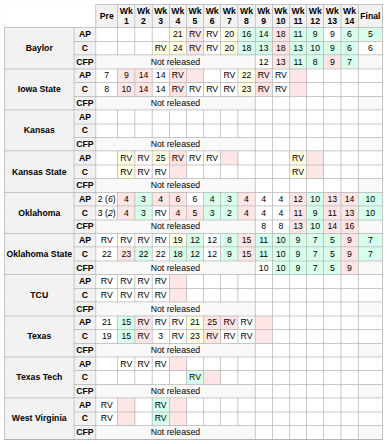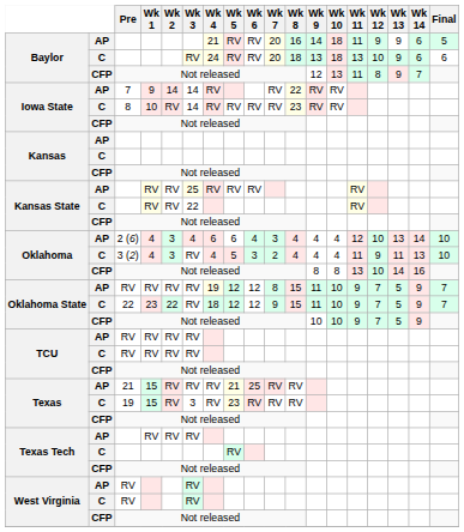 <table class="wikitable" style="white-space:nowrap;font-size:85%;">
 <tr>
 <th colspan=2 style="background:white; border-top-style:hidden; border-left-style:hidden;"> </th>
 <th>Pre</th>
 <th>Wk<br>1</th>
 <th>Wk<br>2</th>
 <th>Wk<br>3</th>
 <th>Wk<br>4</th>
 <th>Wk<br>5</th>
 <th>Wk<br>6</th>
 <th>Wk<br>7</th>
 <th>Wk<br>8</th>
 <th>Wk<br>9</th>
 <th>Wk<br>10</th>
 <th>Wk<br>11</th>
 <th>Wk<br>12</th>
 <th>Wk<br>13</th>
 <th>Wk<br>14</th>
 <th>Final</th>
 </tr>
 <tr style="text-align:center;">
 <th rowspan="3">Baylor</th>
 <th>AP</th>
 <td style="background:#FFF;"></td>
 <td style="background:#FFF;"></td>
 <td style="background:#FFF;"></td>
 <td style="background:#FFF;"></td>
 <td style="background:#ffffe6;">21</td>
 <td style="background:#ffe6e6;">RV</td>
 <td style="background:#FFF;">RV</td>
 <td style="background:#ffffe6;">20</td>
 <td style="background:#d8ffeb;">16</td>
 <td style="background:#d8ffeb;">14</td>
 <td style="background:#ffe6e6;">18</td>
 <td style="background:#d8ffeb;">11</td>
 <td style="background:#d8ffeb;">9</td>
 <td style="background:#FFF;">9</td>
 <td style="background:#d8ffeb;">6</td>
 <td style="background:#d8ffeb;">5</td>
 </tr>
 <tr style="text-align:center;">
 <th>C</th>
 <td style="background:#FFF;"></td>
 <td style="background:#FFF;"></td>
 <td style="background:#FFF;"></td>
 <td style="background:#ffffe6;">RV</td>
 <td style="background:#ffffe6;">24</td>
 <td style="background:#ffe6e6;">RV</td>
 <td style="background:#FFF;">RV</td>
 <td style="background:#ffffe6;">20</td>
 <td style="background:#d8ffeb;">18</td>
 <td style="background:#d8ffeb;">13</td>
 <td style="background:#ffe6e6;">18</td>
 <td style="background:#d8ffeb;">13</td>
 <td style="background:#d8ffeb;">10</td>
 <td style="background:#d8ffeb;">9</td>
 <td style="background:#d8ffeb;">6</td>
 <td style="background:#FFF;">6</td>
 </tr>
 <tr style="text-align:center;">
 <th>CFP</th>
 <td colspan="9" style="text-align:center;">Not released</td>
 <td style="background:#FFF;">12</td>
 <td style="background:#ffe6e6;">13</td>
 <td style="background:#d8ffeb;">11</td>
 <td style="background:#d8ffeb;">8</td>
 <td style="background:#ffe6e6;">9</td>
 <td style="background:#d8ffeb;">7</td>
 <td style="text-align:center;"></td>
 </tr>
 <tr style="text-align:center;">
 <th rowspan="3">Iowa State</th>
 <th>AP</th>
 <td style="background:#FFF;">7</td>
 <td style="background:#ffe6e6;">9</td>
 <td style="background:#ffe6e6;">14</td>
 <td style="background:#FFF;">14</td>
 <td style="background:#ffe6e6;">RV</td>
 <td style="background:#ffe6e6;"></td>
 <td style="background:#FFF;"></td>
 <td style="background:#FFF;">RV</td>
 <td style="background:#ffffe6;">22</td>
 <td style="background:#ffe6e6;">RV</td>
 <td style="background:#FFF;">RV</td>
 <td style="background:#ffe6e6;"></td>
 <td style="background:#FFF;"></td>
 <td style="background:#FFF;"></td>
 <td style="background:#FFF;"></td>
 <td style="background:#FFF;"></td>
 </tr>
 <tr style="text-align:center;">
 <th>C</th>
 <td style="background:#FFF;">8</td>
 <td style="background:#ffe6e6;">10</td>
-<td style="background:#ffe6e6;">14</td>
+<td style="background:#ffe6e6;">RV</td>
 <td style="background:#FFF;">14</td>
 <td style="background:#ffe6e6;">RV</td>
 <td style="background:#FFF;">RV</td>
 <td style="background:#FFF;">RV</td>
 <td style="background:#FFF;">RV</td>
 <td style="background:#ffffe6;">23</td>
 <td style="background:#ffe6e6;">RV</td>
 <td style="background:#FFF;">RV</td>
 <td style="background:#ffe6e6;"></td>
 <td style="background:#FFF;"></td>
 <td style="background:#FFF;"></td>
 <td style="background:#FFF;"></td>
 <td style="background:#FFF;"></td>
 </tr>
 <tr style="text-align:center;">
 <th>CFP</th>
 <td colspan="9" style="text-align:center;">Not released</td>
 <td style="background:#FFF;"></td>
 <td style="background:#FFF;"></td>
 <td style="background:#FFF;"></td>
 <td style="background:#FFF;"></td>
 <td style="background:#FFF;"></td>
 <td style="background:#FFF;"></td>
 <td style="text-align:center;"></td>
 </tr>
 <tr style="text-align:center;">
 <th rowspan="3">Kansas</th>
 <th>AP</th>
 <td style="background:#FFF;"></td>
 <td style="background:#FFF;"></td>
 <td style="background:#FFF;"></td>
 <td style="background:#FFF;"></td>
 <td style="background:#FFF;"></td>
 <td style="background:#FFF;"></td>
 <td style="background:#FFF;"></td>
 <td style="background:#FFF;"></td>
 <td style="background:#FFF;"></td>
 <td style="background:#FFF;"></td>
 <td style="background:#FFF;"></td>
 <td style="background:#FFF;"></td>
 <td style="background:#FFF;"></td>
 <td style="background:#FFF;"></td>
 <td style="background:#FFF;"></td>
 <td style="background:#FFF;"></td>
 </tr>
 <tr style="text-align:center;">
 <th>C</th>
 <td style="background:#FFF;"></td>
 <td style="background:#FFF;"></td>
 <td style="background:#FFF;"></td>
 <td style="background:#FFF;"></td>
 <td style="background:#FFF;"></td>
 <td style="background:#FFF;"></td>
 <td style="background:#FFF;"></td>
 <td style="background:#FFF;"></td>
 <td style="background:#FFF;"></td>
 <td style="background:#FFF;"></td>
 <td style="background:#FFF;"></td>
 <td style="background:#FFF;"></td>
 <td style="background:#FFF;"></td>
 <td style="background:#FFF;"></td>
 <td style="background:#FFF;"></td>
 <td style="background:#FFF;"></td>
 </tr>
 <tr style="text-align:center;">
 <th>CFP</th>
 <td colspan="9" style="text-align:center;">Not released</td>
 <td style="background:#FFF;"></td>
 <td style="background:#FFF;"></td>
 <td style="background:#FFF;"></td>
 <td style="background:#FFF;"></td>
 <td style="background:#FFF;"></td>
 <td style="background:#FFF;"></td>
 <td style="text-align:center;"></td>
 </tr>
 <tr style="text-align:center;">
 <th rowspan="3">Kansas State</th>
 <th>AP</th>
 <td style="background:#FFF;"></td>
 <td style="background:#ffffe6;">RV</td>
 <td style="background:#FFF;">RV</td>
 <td style="background:#ffffe6;">25</td>
 <td style="background:#ffe6e6;">RV</td>
 <td style="background:#FFF;">RV</td>
 <td style="background:#FFF;">RV</td>
 <td style="background:#ffe6e6;"></td>
 <td style="background:#FFF;"></td>
 <td style="background:#FFF;"></td>
 <td style="background:#FFF;"></td>
 <td style="background:#ffffe6;">RV</td>
 <td style="background:#ffe6e6;"></td>
 <td style="background:#FFF;"></td>
 <td style="background:#FFF;"></td>
 <td style="background:#FFF;"></td>
 </tr>
 <tr style="text-align:center;">
 <th>C</th>
 <td style="background:#FFF;"></td>
 <td style="background:#ffffe6;">RV</td>
 <td style="background:#FFF;">RV</td>
-<td style="background:#FFF;">RV</td>
+<td style="background:#FFF;">22</td>
 <td style="background:#ffe6e6;"></td>
 <td style="background:#FFF;"></td>
 <td style="background:#FFF;"></td>
 <td style="background:#FFF;"></td>
 <td style="background:#FFF;"></td>
 <td style="background:#FFF;"></td>
 <td style="background:#FFF;"></td>
 <td style="background:#ffffe6;">RV</td>
 <td style="background:#ffe6e6;"></td>
 <td style="background:#FFF;"></td>
 <td style="background:#FFF;"></td>
 <td style="background:#FFF;"></td>
 </tr>
 <tr style="text-align:center;">
 <th>CFP</th>
 <td colspan="9" style="text-align:center;">Not released</td>
 <td style="background:#FFF;"></td>
 <td style="background:#FFF;"></td>
 <td style="background:#FFF;"></td>
 <td style="background:#FFF;"></td>
 <td style="background:#FFF;"></td>
 <td style="background:#FFF;"></td>
 <td style="text-align:center;"></td>
 </tr>
 <tr style="text-align:center;">
 <th rowspan="3">Oklahoma</th>
 <th>AP</th>
 <td style="background:#FFF;">2 (<em>6</em>)</td>
 <td style="background:#ffe6e6;">4</td>
 <td style="background:#d8ffeb;">3</td>
 <td style="background:#ffe6e6;">4</td>
 <td style="background:#ffe6e6;">6</td>
 <td style="background:#FFF;">6</td>
 <td style="background:#d8ffeb;">4</td>
 <td style="background:#d8ffeb;">3</td>
 <td style="background:#ffe6e6;">4</td>
 <td style="background:#FFF;">4</td>
 <td style="background:#FFF;">4</td>
 <td style="background:#ffe6e6;">12</td>
 <td style="background:#d8ffeb;">10</td>
 <td style="background:#ffe6e6;">13</td>
 <td style="background:#ffe6e6;">14</td>
 <td style="background:#d8ffeb;">10</td>
 </tr>
 <tr style="text-align:center;">
 <th>C</th>
 <td style="background:#FFF;">3 (<em>2</em>)</td>
 <td style="background:#ffe6e6;">4</td>
 <td style="background:#d8ffeb;">3</td>
 <td style="background:#FFF;">RV</td>
 <td style="background:#ffe6e6;">4</td>
 <td style="background:#ffe6e6;">5</td>
 <td style="background:#d8ffeb;">3</td>
 <td style="background:#d8ffeb;">2</td>
 <td style="background:#ffe6e6;">4</td>
 <td style="background:#FFF;">4</td>
 <td style="background:#FFF;">4</td>
 <td style="background:#ffe6e6;">11</td>
 <td style="background:#d8ffeb;">9</td>
 <td style="background:#ffe6e6;">11</td>
 <td style="background:#ffe6e6;">13</td>
 <td style="background:#d8ffeb;">10</td>
 </tr>
 <tr style="text-align:center;">
 <th>CFP</th>
 <td colspan="9" style="text-align:center;">Not released</td>
 <td style="background:#FFF;">8</td>
 <td style="background:#FFF;">8</td>
 <td style="background:#ffe6e6;">13</td>
 <td style="background:#d8ffeb;">10</td>
 <td style="background:#ffe6e6;">14</td>
 <td style="background:#ffe6e6;">16</td>
 <td style="text-align:center;"></td>
 </tr>
 <tr style="text-align:center;">
 <th rowspan="3">Oklahoma State</th>
 <th>AP</th>
 <td style="background:#FFF;">RV</td>
 <td style="background:#FFF;">RV</td>
 <td style="background:#FFF;">RV</td>
 <td style="background:#FFF;">RV</td>
 <td style="background:#ffffe6;">19</td>
 <td style="background:#d8ffeb;">12</td>
 <td style="background:#FFF;">12</td>
 <td style="background:#d8ffeb;">8</td>
 <td style="background:#ffe6e6;">15</td>
 <td style="background:#d8ffeb;">11</td>
 <td style="background:#d8ffeb;">10</td>
 <td style="background:#d8ffeb;">9</td>
 <td style="background:#d8ffeb;">7</td>
 <td style="background:#d8ffeb;">5</td>
 <td style="background:#ffe6e6;">9</td>
 <td style="background:#d8ffeb;">7</td>
 </tr>
 <tr style="text-align:center;">
 <th>C</th>
 <td style="background:#FFF;">22</td>
 <td style="background:#ffe6e6;">23</td>
 <td style="background:#d8ffeb;">22</td>
-<td style="background:#FFF;">22</td>
+<td style="background:#FFF;">RV</td>
 <td style="background:#d8ffeb;">18</td>
 <td style="background:#d8ffeb;">12</td>
 <td style="background:#FFF;">12</td>
 <td style="background:#d8ffeb;">9</td>
 <td style="background:#ffe6e6;">15</td>
 <td style="background:#d8ffeb;">11</td>
 <td style="background:#d8ffeb;">10</td>
 <td style="background:#d8ffeb;">9</td>
 <td style="background:#d8ffeb;">7</td>
 <td style="background:#d8ffeb;">5</td>
 <td style="background:#ffe6e6;">9</td>
 <td style="background:#d8ffeb;">7</td>
 </tr>
 <tr style="text-align:center;">
 <th>CFP</th>
 <td colspan="9" style="text-align:center;">Not released</td>
 <td style="background:#FFF;">10</td>
 <td style="background:#d8ffeb;">10</td>
 <td style="background:#d8ffeb;">9</td>
 <td style="background:#d8ffeb;">7</td>
 <td style="background:#d8ffeb;">5</td>
 <td style="background:#ffe6e6;">9</td>
 <td style="text-align:center;"></td>
 </tr>
 <tr style="text-align:center;">
 <th rowspan="3">TCU</th>
 <th>AP</th>
 <td style="background:#FFF;">RV</td>
 <td style="background:#FFF;">RV</td>
 <td style="background:#FFF;">RV</td>
 <td style="background:#FFF;">RV</td>
 <td style="background:#ffe6e6;"></td>
 <td style="background:#FFF;"></td>
 <td style="background:#FFF;"></td>
 <td style="background:#FFF;"></td>
 <td style="background:#FFF;"></td>
 <td style="background:#FFF;"></td>
 <td style="background:#FFF;"></td>
 <td style="background:#FFF;"></td>
 <td style="background:#FFF;"></td>
 <td style="background:#FFF;"></td>
 <td style="background:#FFF;"></td>
 <td style="background:#FFF;"></td>
 </tr>
 <tr style="text-align:center;">
 <th>C</th>
 <td style="background:#FFF;">RV</td>
 <td style="background:#FFF;">RV</td>
 <td style="background:#FFF;">RV</td>
 <td style="background:#FFF;">RV</td>
 <td style="background:#ffe6e6;"></td>
 <td style="background:#FFF;"></td>
 <td style="background:#FFF;"></td>
 <td style="background:#FFF;"></td>
 <td style="background:#FFF;"></td>
 <td style="background:#FFF;"></td>
 <td style="background:#FFF;"></td>
 <td style="background:#FFF;"></td>
 <td style="background:#FFF;"></td>
 <td style="background:#FFF;"></td>
 <td style="background:#FFF;"></td>
 <td style="background:#FFF;"></td>
 </tr>
 <tr style="text-align:center;">
 <th>CFP</th>
 <td colspan="9" style="text-align:center;">Not released</td>
 <td style="background:#FFF;"></td>
 <td style="background:#FFF;"></td>
 <td style="background:#FFF;"></td>
 <td style="background:#FFF;"></td>
 <td style="background:#FFF;"></td>
 <td style="background:#FFF;"></td>
 <td style="text-align:center;"></td>
 </tr>
 <tr style="text-align:center;">
 <th rowspan="3">Texas</th>
 <th>AP</th>
 <td style="background:#FFF;">21</td>
 <td style="background:#d8ffeb;">15</td>
 <td style="background:#ffe6e6;">RV</td>
 <td style="background:#FFF;">RV</td>
 <td style="background:#FFF;">RV</td>
 <td style="background:#ffffe6;">21</td>
 <td style="background:#ffe6e6;">25</td>
 <td style="background:#ffe6e6;">RV</td>
 <td style="background:#FFF;">RV</td>
 <td style="background:#ffe6e6;"></td>
 <td style="background:#FFF;"></td>
 <td style="background:#FFF;"></td>
 <td style="background:#FFF;"></td>
 <td style="background:#FFF;"></td>
 <td style="background:#FFF;"></td>
 <td style="background:#FFF;"></td>
 </tr>
 <tr style="text-align:center;">
 <th>C</th>
 <td style="background:#FFF;">19</td>
 <td style="background:#d8ffeb;">15</td>
 <td style="background:#ffe6e6;">RV</td>
 <td style="background:#FFF;">3</td>
 <td style="background:#FFF;">RV</td>
 <td style="background:#ffffe6;">23</td>
 <td style="background:#ffe6e6;">RV</td>
 <td style="background:#FFF;">RV</td>
 <td style="background:#FFF;">RV</td>
 <td style="background:#ffe6e6;"></td>
 <td style="background:#FFF;"></td>
 <td style="background:#FFF;"></td>
 <td style="background:#FFF;"></td>
 <td style="background:#FFF;"></td>
 <td style="background:#FFF;"></td>
 <td style="background:#FFF;"></td>
 </tr>
 <tr style="text-align:center;">
 <th>CFP</th>
 <td colspan="9" style="text-align:center;">Not released</td>
 <td style="background:#FFF;"></td>
 <td style="background:#FFF;"></td>
 <td style="background:#FFF;"></td>
 <td style="background:#FFF;"></td>
 <td style="background:#FFF;"></td>
 <td style="background:#FFF;"></td>
 <td style="text-align:center;"></td>
 </tr>
 <tr style="text-align:center;">
 <th rowspan="3">Texas Tech</th>
 <th>AP</th>
 <td style="background:#FFF;"></td>
 <td style="background:#FFF;">RV</td>
 <td style="background:#FFF;">RV</td>
 <td style="background:#FFF;">RV</td>
 <td style="background:#ffe6e6;"></td>
 <td style="background:#FFF;"></td>
 <td style="background:#FFF;"></td>
 <td style="background:#FFF;"></td>
 <td style="background:#FFF;"></td>
 <td style="background:#FFF;"></td>
 <td style="background:#FFF;"></td>
 <td style="background:#FFF;"></td>
 <td style="background:#FFF;"></td>
 <td style="background:#FFF;"></td>
 <td style="background:#FFF;"></td>
 <td style="background:#FFF;"></td>
 </tr>
 <tr style="text-align:center;">
 <th>C</th>
 <td style="background:#FFF;"></td>
 <td style="background:#FFF;"></td>
 <td style="background:#FFF;"></td>
 <td style="background:#FFF;"></td>
 <td style="background:#FFF;"></td>
 <td style="background:#d8ffeb;">RV</td>
 <td style="background:#ffe6e6;"></td>
 <td style="background:#FFF;"></td>
 <td style="background:#FFF;"></td>
 <td style="background:#FFF;"></td>
 <td style="background:#FFF;"></td>
 <td style="background:#FFF;"></td>
 <td style="background:#FFF;"></td>
 <td style="background:#FFF;"></td>
 <td style="background:#FFF;"></td>
 <td style="background:#FFF;"></td>
 </tr>
 <tr style="text-align:center;">
 <th>CFP</th>
 <td colspan="9" style="text-align:center;">Not released</td>
 <td style="background:#FFF;"></td>
 <td style="background:#FFF;"></td>
 <td style="background:#FFF;"></td>
 <td style="background:#FFF;"></td>
 <td style="background:#FFF;"></td>
 <td style="background:#FFF;"></td>
 <td style="text-align:center;"></td>
 </tr>
 <tr style="text-align:center;">
 <th rowspan="3">West Virginia</th>
 <th>AP</th>
 <td style="background:#FFF;">RV</td>
 <td style="background:#ffe6e6;"></td>
 <td style="background:#FFF;"></td>
 <td style="background:#d8ffeb;">RV</td>
 <td style="background:#ffe6e6;"></td>
 <td style="background:#FFF;"></td>
 <td style="background:#FFF;"></td>
 <td style="background:#FFF;"></td>
 <td style="background:#FFF;"></td>
 <td style="background:#FFF;"></td>
 <td style="background:#FFF;"></td>
 <td style="background:#FFF;"></td>
 <td style="background:#FFF;"></td>
 <td style="background:#FFF;"></td>
 <td style="background:#FFF;"></td>
 <td style="background:#FFF;"></td>
 </tr>
 <tr style="text-align:center;">
 <th>C</th>
 <td style="background:#FFF;">RV</td>
 <td style="background:#ffe6e6;"></td>
 <td style="background:#FFF;"></td>
 <td style="background:#d8ffeb;">RV</td>
 <td style="background:#ffe6e6;"></td>
 <td style="background:#FFF;"></td>
 <td style="background:#FFF;"></td>
 <td style="background:#FFF;"></td>
 <td style="background:#FFF;"></td>
 <td style="background:#FFF;"></td>
 <td style="background:#FFF;"></td>
 <td style="background:#FFF;"></td>
 <td style="background:#FFF;"></td>
 <td style="background:#FFF;"></td>
 <td style="background:#FFF;"></td>
 <td style="background:#FFF;"></td>
 </tr>
 <tr style="text-align:center;">
 <th>CFP</th>
 <td colspan="9" style="text-align:center;">Not released</td>
 <td style="background:#FFF;"></td>
 <td style="background:#FFF;"></td>
 <td style="background:#FFF;"></td>
 <td style="background:#FFF;"></td>
 <td style="background:#FFF;"></td>
 <td style="background:#FFF;"></td>
 <td style="text-align:center;"></td>
 </tr>
 <tr style="text-align:center;">
 </tr>
 </table>
